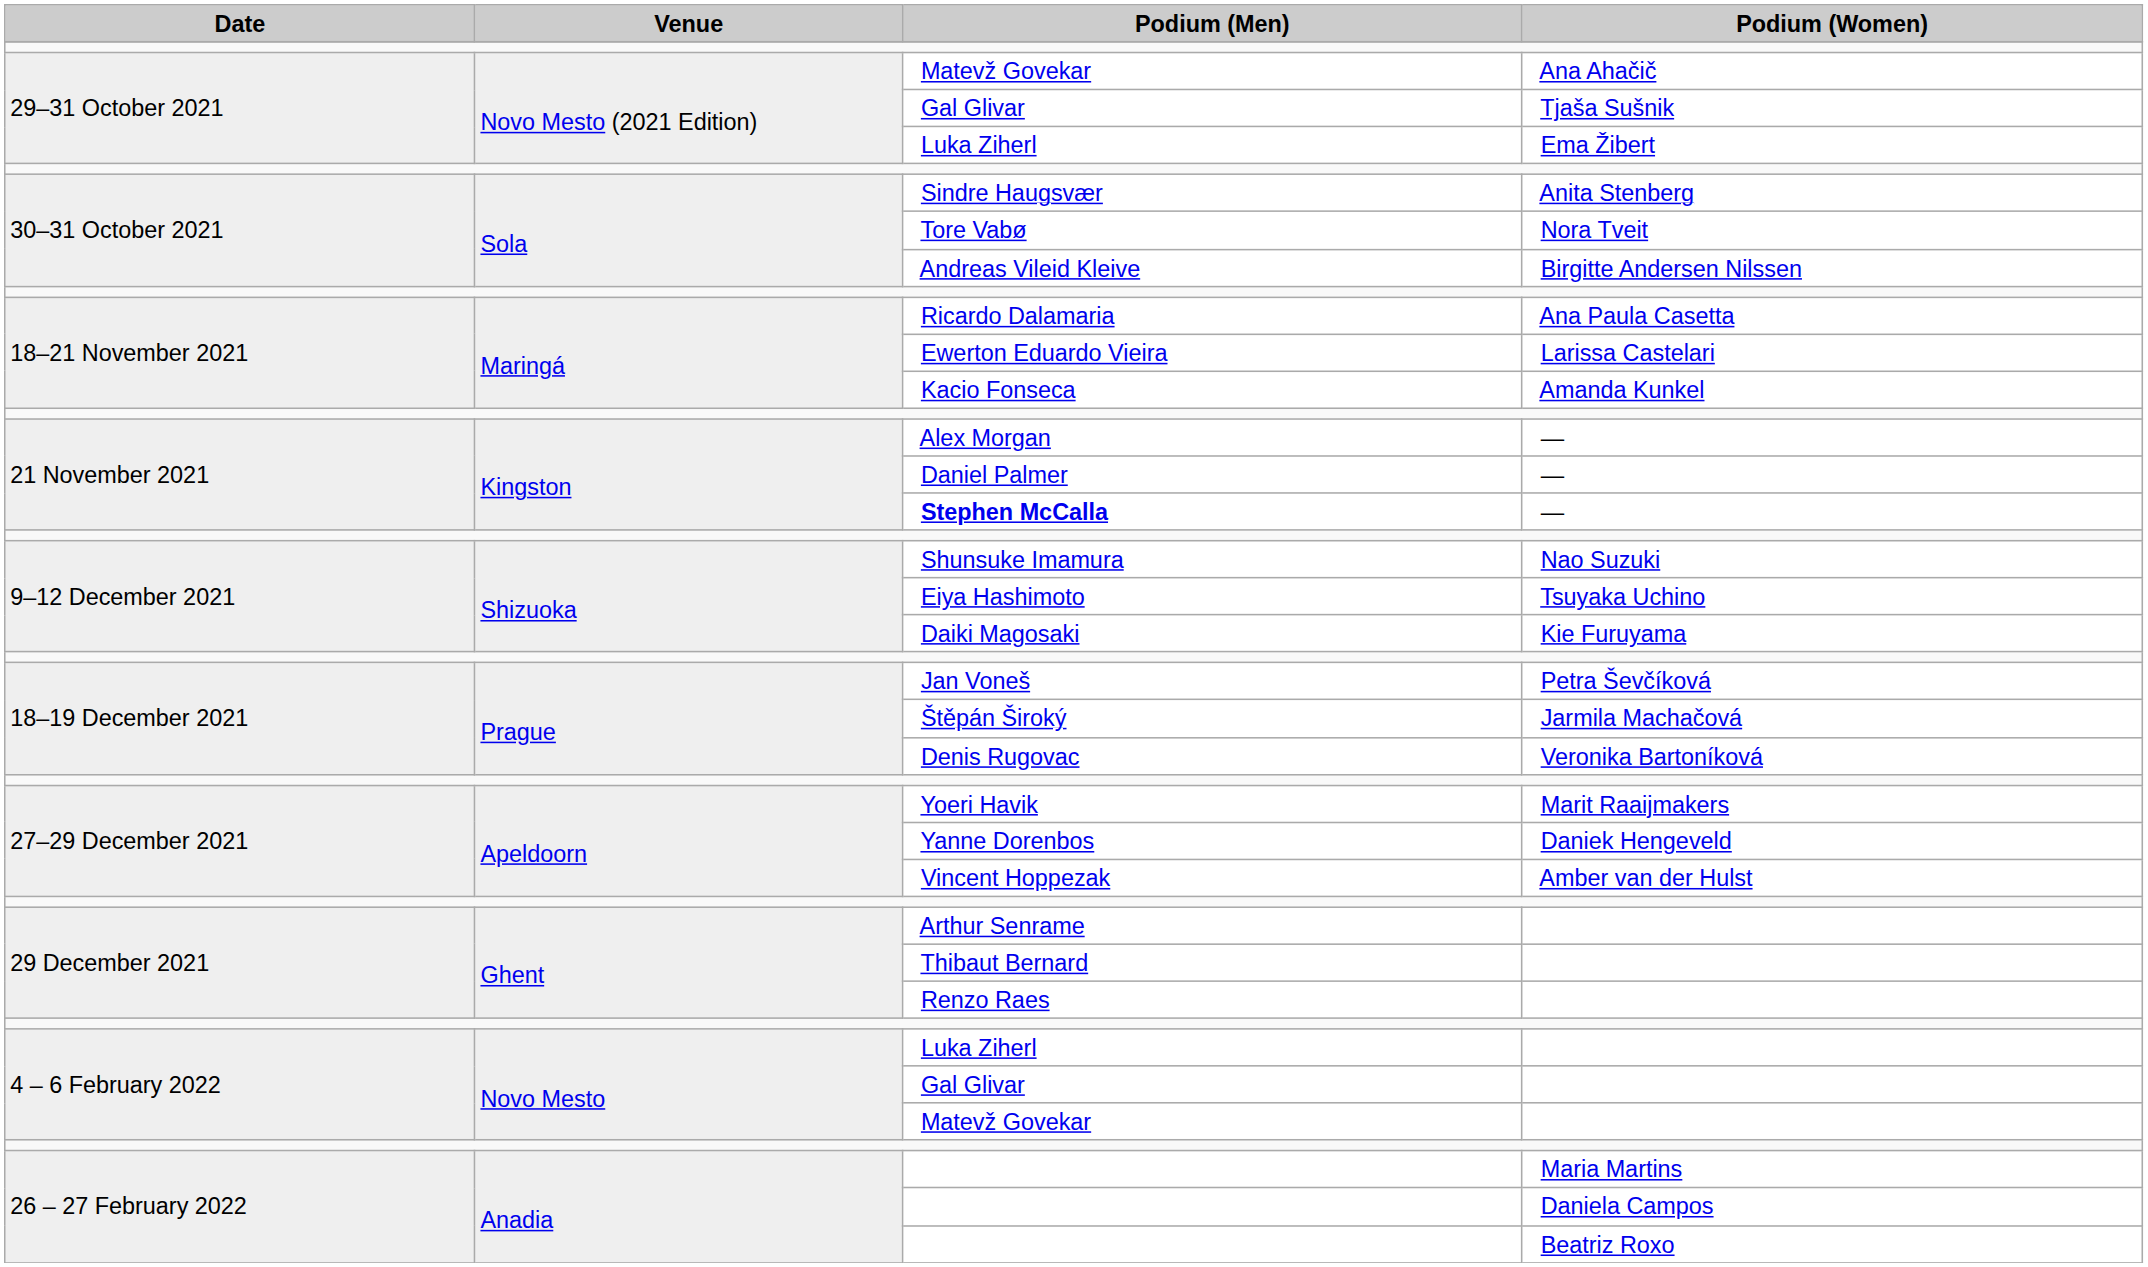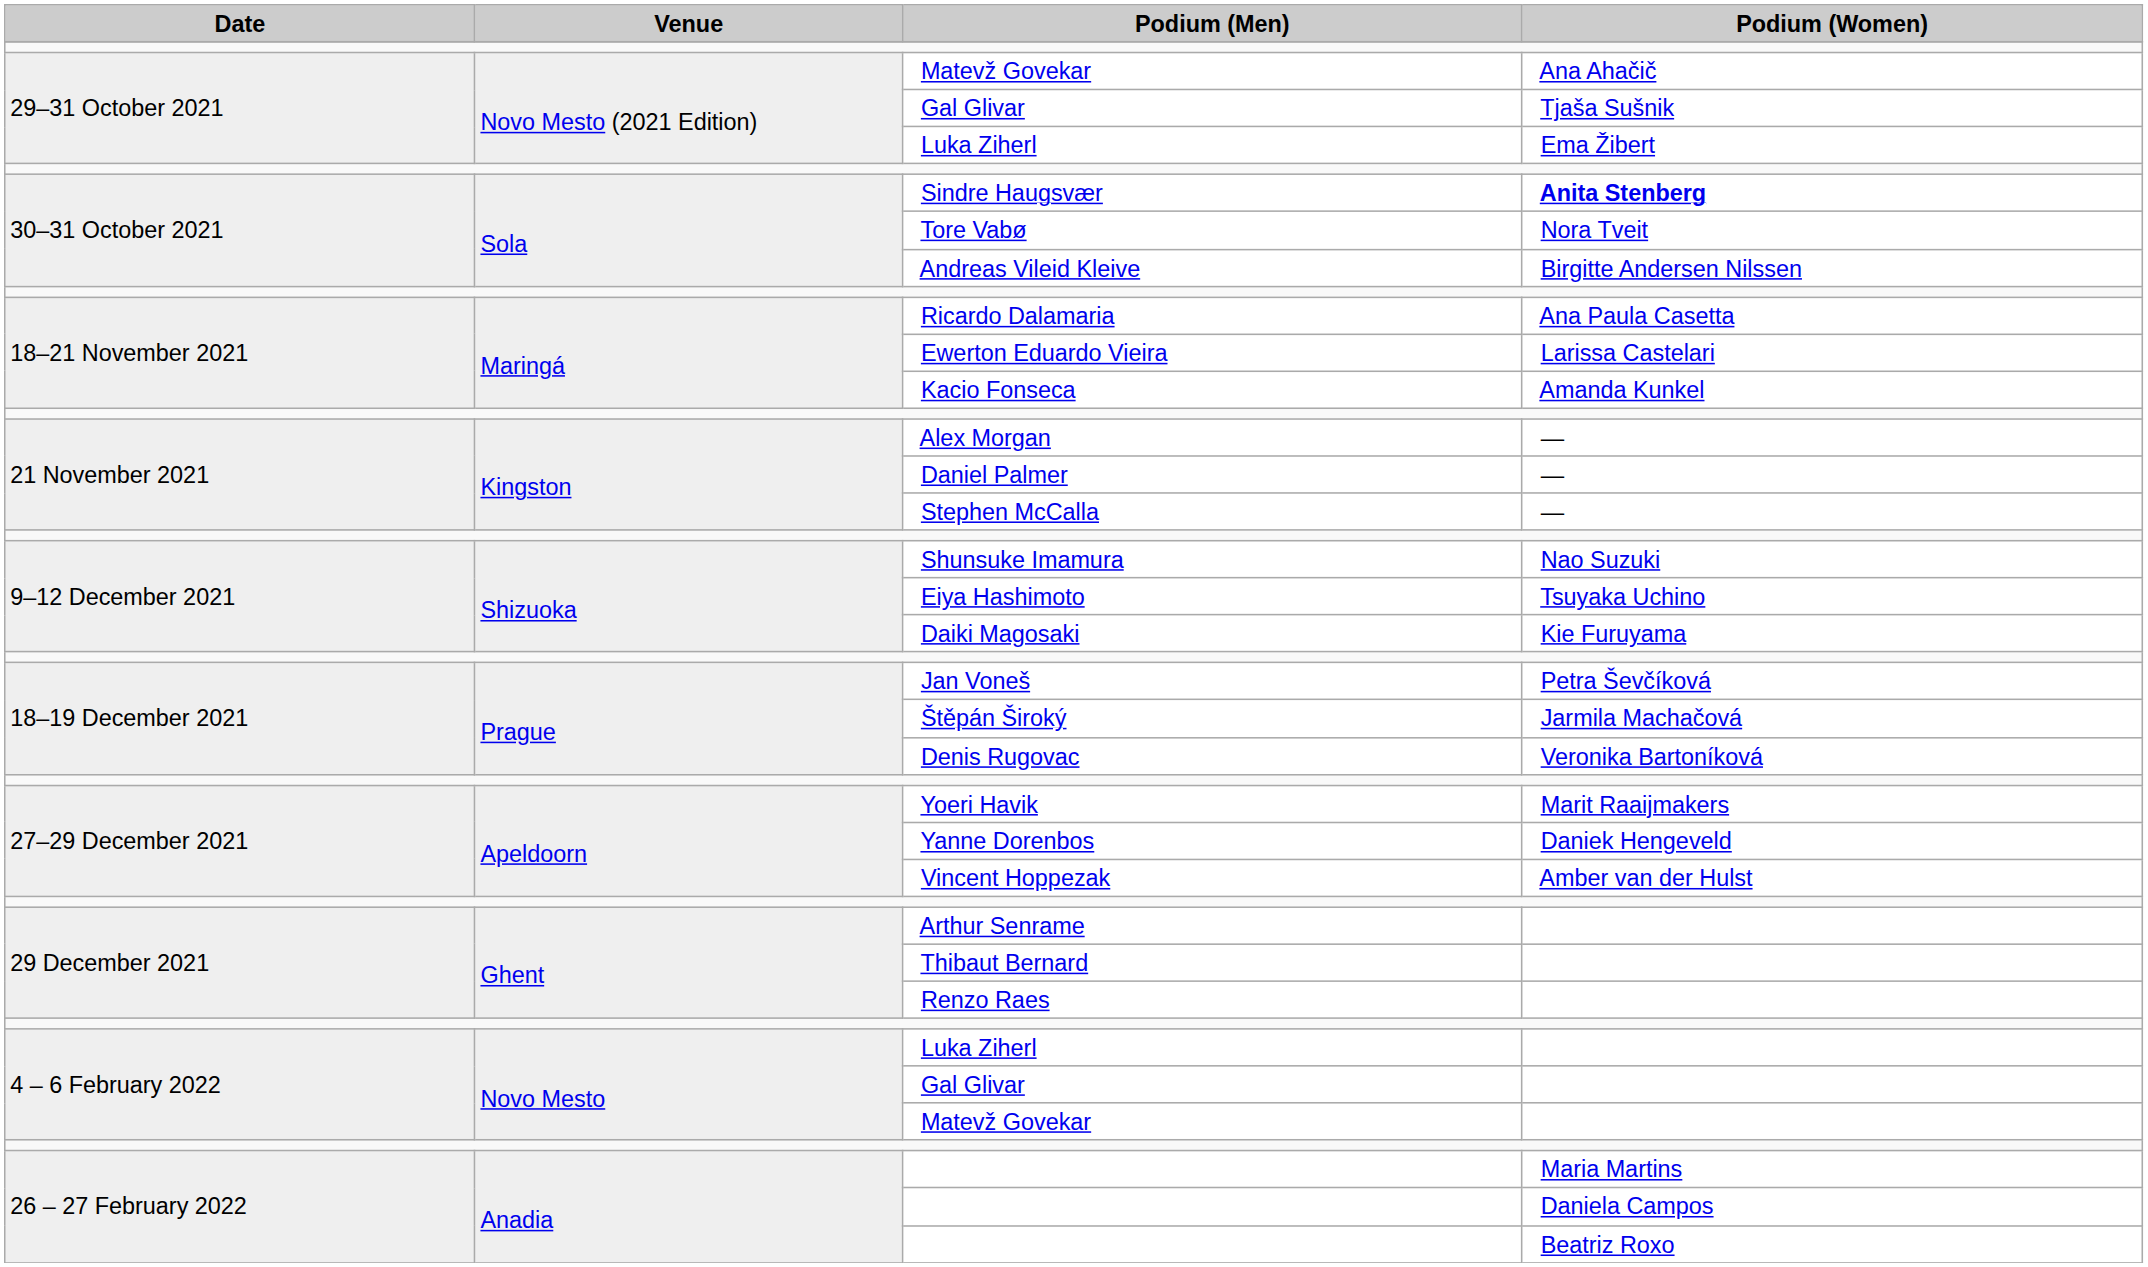 <table class="wikitable" width=70% bgcolor="#f7f8ff" cellpadding="3" cellspacing="0" border="1" style="font-size: 95%; border: gray solid 1px; border-collapse: collapse;">
 <tr bgcolor="#CCCCCC">
 <td align="center"><strong>Date</strong></td>
 <td width=20% align="center"><strong>Venue</strong></td>
 <td width=29% align="center"><strong>Podium (Men)</strong></td>
 <td width=29% align="center"><strong>Podium (Women)</strong></td>
 </tr>
 <tr bgcolor="#EFEFEF">
 </tr>
 <tr>
 <td colspan=4></td>
 </tr>
 <tr bgcolor="#EFEFEF">
 <td rowspan=3>29–31 October 2021</td>
 <td rowspan=3><br><a href='#'>Novo Mesto</a> (2021 Edition)</td>
 <td bgcolor="#ffffff">   <a href='#'>Matevž Govekar</a></td>
 <td bgcolor="#ffffff">   <a href='#'>Ana Ahačič</a></td>
 </tr>
 <tr>
 <td bgcolor="#ffffff">   <a href='#'>Gal Glivar</a></td>
 <td bgcolor="#ffffff">   <a href='#'>Tjaša Sušnik</a></td>
 </tr>
 <tr>
 <td bgcolor="#ffffff">   <a href='#'>Luka Ziherl</a></td>
 <td bgcolor="#ffffff">   <a href='#'>Ema Žibert</a></td>
 </tr>
 <tr>
 <td colspan=4></td>
 </tr>
 <tr bgcolor="#EFEFEF">
 <td rowspan=3>30–31 October 2021</td>
 <td rowspan=3><br><a href='#'>Sola</a></td>
 <td bgcolor="#ffffff">   <a href='#'>Sindre Haugsvær</a></td>
-<td bgcolor="#ffffff">   <a href='#'>Anita Stenberg</a></td>
+<td bgcolor="#ffffff"><strong>   <a href='#'>Anita Stenberg</a></strong></td>
 </tr>
 <tr>
 <td bgcolor="#ffffff">   <a href='#'>Tore Vabø</a></td>
 <td bgcolor="#ffffff">   <a href='#'>Nora Tveit</a></td>
 </tr>
 <tr>
 <td bgcolor="#ffffff">   <a href='#'>Andreas Vileid Kleive</a></td>
 <td bgcolor="#ffffff">   <a href='#'>Birgitte Andersen Nilssen</a></td>
 </tr>
 <tr>
 <td colspan=4></td>
 </tr>
 <tr bgcolor="#EFEFEF">
 <td rowspan=3>18–21 November 2021</td>
 <td rowspan=3><br><a href='#'>Maringá</a></td>
 <td bgcolor="#ffffff">   <a href='#'>Ricardo Dalamaria</a></td>
 <td bgcolor="#ffffff">   <a href='#'>Ana Paula Casetta</a></td>
 </tr>
 <tr>
 <td bgcolor="#ffffff">   <a href='#'>Ewerton Eduardo Vieira</a></td>
 <td bgcolor="#ffffff">   <a href='#'>Larissa Castelari</a></td>
 </tr>
 <tr>
 <td bgcolor="#ffffff">   <a href='#'>Kacio Fonseca</a></td>
 <td bgcolor="#ffffff">   <a href='#'>Amanda Kunkel</a></td>
 </tr>
 <tr>
 <td colspan=4></td>
 </tr>
 <tr bgcolor="#EFEFEF">
 <td rowspan=3>21 November 2021</td>
 <td rowspan=3><br><a href='#'>Kingston</a></td>
 <td bgcolor="#ffffff">   <a href='#'>Alex Morgan</a></td>
 <td bgcolor="#ffffff">   —</td>
 </tr>
 <tr>
 <td bgcolor="#ffffff">   <a href='#'>Daniel Palmer</a></td>
 <td bgcolor="#ffffff">   —</td>
 </tr>
 <tr>
-<td bgcolor="#ffffff"><strong>   <a href='#'>Stephen McCalla</a></strong></td>
+<td bgcolor="#ffffff">   <a href='#'>Stephen McCalla</a></td>
 <td bgcolor="#ffffff">   —</td>
 </tr>
 <tr>
 <td colspan=4></td>
 </tr>
 <tr bgcolor="#EFEFEF">
 <td rowspan=3>9–12 December 2021</td>
 <td rowspan=3><br><a href='#'>Shizuoka</a></td>
 <td bgcolor="#ffffff">   <a href='#'>Shunsuke Imamura</a></td>
 <td bgcolor="#ffffff">   <a href='#'>Nao Suzuki</a></td>
 </tr>
 <tr>
 <td bgcolor="#ffffff">   <a href='#'>Eiya Hashimoto</a></td>
 <td bgcolor="#ffffff">   <a href='#'>Tsuyaka Uchino</a></td>
 </tr>
 <tr>
 <td bgcolor="#ffffff">   <a href='#'>Daiki Magosaki</a></td>
 <td bgcolor="#ffffff">   <a href='#'>Kie Furuyama</a></td>
 </tr>
 <tr>
 <td colspan=4></td>
 </tr>
 <tr bgcolor="#EFEFEF">
 <td rowspan=3>18–19 December 2021</td>
 <td rowspan=3><br><a href='#'>Prague</a></td>
 <td bgcolor="#ffffff">   <a href='#'>Jan Voneš</a></td>
 <td bgcolor="#ffffff">   <a href='#'>Petra Ševčíková</a></td>
 </tr>
 <tr>
 <td bgcolor="#ffffff">   <a href='#'>Štěpán Široký</a></td>
 <td bgcolor="#ffffff">   <a href='#'>Jarmila Machačová</a></td>
 </tr>
 <tr>
 <td bgcolor="#ffffff">   <a href='#'>Denis Rugovac</a></td>
 <td bgcolor="#ffffff">   <a href='#'>Veronika Bartoníková</a></td>
 </tr>
 <tr>
 <td colspan=4></td>
 </tr>
 <tr bgcolor="#EFEFEF">
 <td rowspan=3>27–29 December 2021</td>
 <td rowspan=3><br><a href='#'>Apeldoorn</a></td>
 <td bgcolor="#ffffff">   <a href='#'>Yoeri Havik</a></td>
 <td bgcolor="#ffffff">   <a href='#'>Marit Raaijmakers</a></td>
 </tr>
 <tr>
 <td bgcolor="#ffffff">   <a href='#'>Yanne Dorenbos</a></td>
 <td bgcolor="#ffffff">   <a href='#'>Daniek Hengeveld</a></td>
 </tr>
 <tr>
 <td bgcolor="#ffffff">   <a href='#'>Vincent Hoppezak</a></td>
 <td bgcolor="#ffffff">   <a href='#'>Amber van der Hulst</a></td>
 </tr>
 <tr>
 <td colspan=4></td>
 </tr>
 <tr bgcolor="#EFEFEF">
 <td rowspan=3>29 December 2021</td>
 <td rowspan=3><br><a href='#'>Ghent</a></td>
 <td bgcolor="#ffffff">   <a href='#'>Arthur Senrame</a></td>
 <td bgcolor="#ffffff">  </td>
 </tr>
 <tr>
 <td bgcolor="#ffffff">   <a href='#'>Thibaut Bernard</a></td>
 <td bgcolor="#ffffff">  </td>
 </tr>
 <tr>
 <td bgcolor="#ffffff">   <a href='#'>Renzo Raes</a></td>
 <td bgcolor="#ffffff">  </td>
 </tr>
 <tr>
 <td colspan=4></td>
 </tr>
 <tr bgcolor="#EFEFEF">
 <td rowspan=3>4 – 6 February 2022</td>
 <td rowspan=3><br><a href='#'>Novo Mesto</a></td>
 <td bgcolor="#ffffff">   <a href='#'>Luka Ziherl</a></td>
 <td bgcolor="#ffffff">  </td>
 </tr>
 <tr>
 <td bgcolor="#ffffff">   <a href='#'>Gal Glivar</a></td>
 <td bgcolor="#ffffff">  </td>
 </tr>
 <tr>
 <td bgcolor="#ffffff">   <a href='#'>Matevž Govekar</a></td>
 <td bgcolor="#ffffff">  </td>
 </tr>
 <tr>
 <td colspan=4></td>
 </tr>
 <tr bgcolor="#EFEFEF">
 <td rowspan=3>26 – 27 February 2022</td>
 <td rowspan=3><br><a href='#'>Anadia</a></td>
 <td bgcolor="#ffffff">  </td>
 <td bgcolor="#ffffff">   <a href='#'>Maria Martins</a></td>
 </tr>
 <tr>
 <td bgcolor="#ffffff">  </td>
 <td bgcolor="#ffffff">   <a href='#'>Daniela Campos</a></td>
 </tr>
 <tr>
 <td bgcolor="#ffffff">  </td>
 <td bgcolor="#ffffff">   <a href='#'>Beatriz Roxo</a></td>
 </tr>
 </table>
